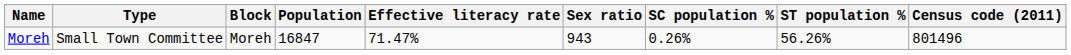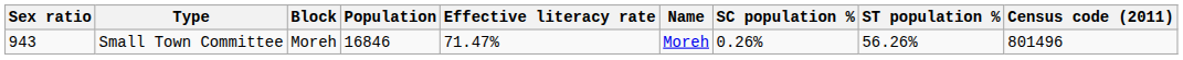 <table class="wikitable sortable">
 <tr>
-<th>Name</th>
+<th>Sex ratio</th>
 <th>Type</th>
 <th>Block</th>
 <th>Population</th>
 <th>Effective literacy rate</th>
-<th>Sex ratio</th>
+<th>Name</th>
 <th>SC population %</th>
 <th>ST population %</th>
 <th>Census code (2011)</th>
 </tr>
 <tr>
-<td><a href='#'>Moreh</a></td>
+<td>943</td>
 <td>Small Town Committee</td>
 <td>Moreh</td>
-<td>16847</td>
+<td>16846</td>
 <td>71.47%</td>
-<td>943</td>
+<td><a href='#'>Moreh</a></td>
 <td>0.26%</td>
 <td>56.26%</td>
 <td>801496</td>
 </tr>
 </table>
